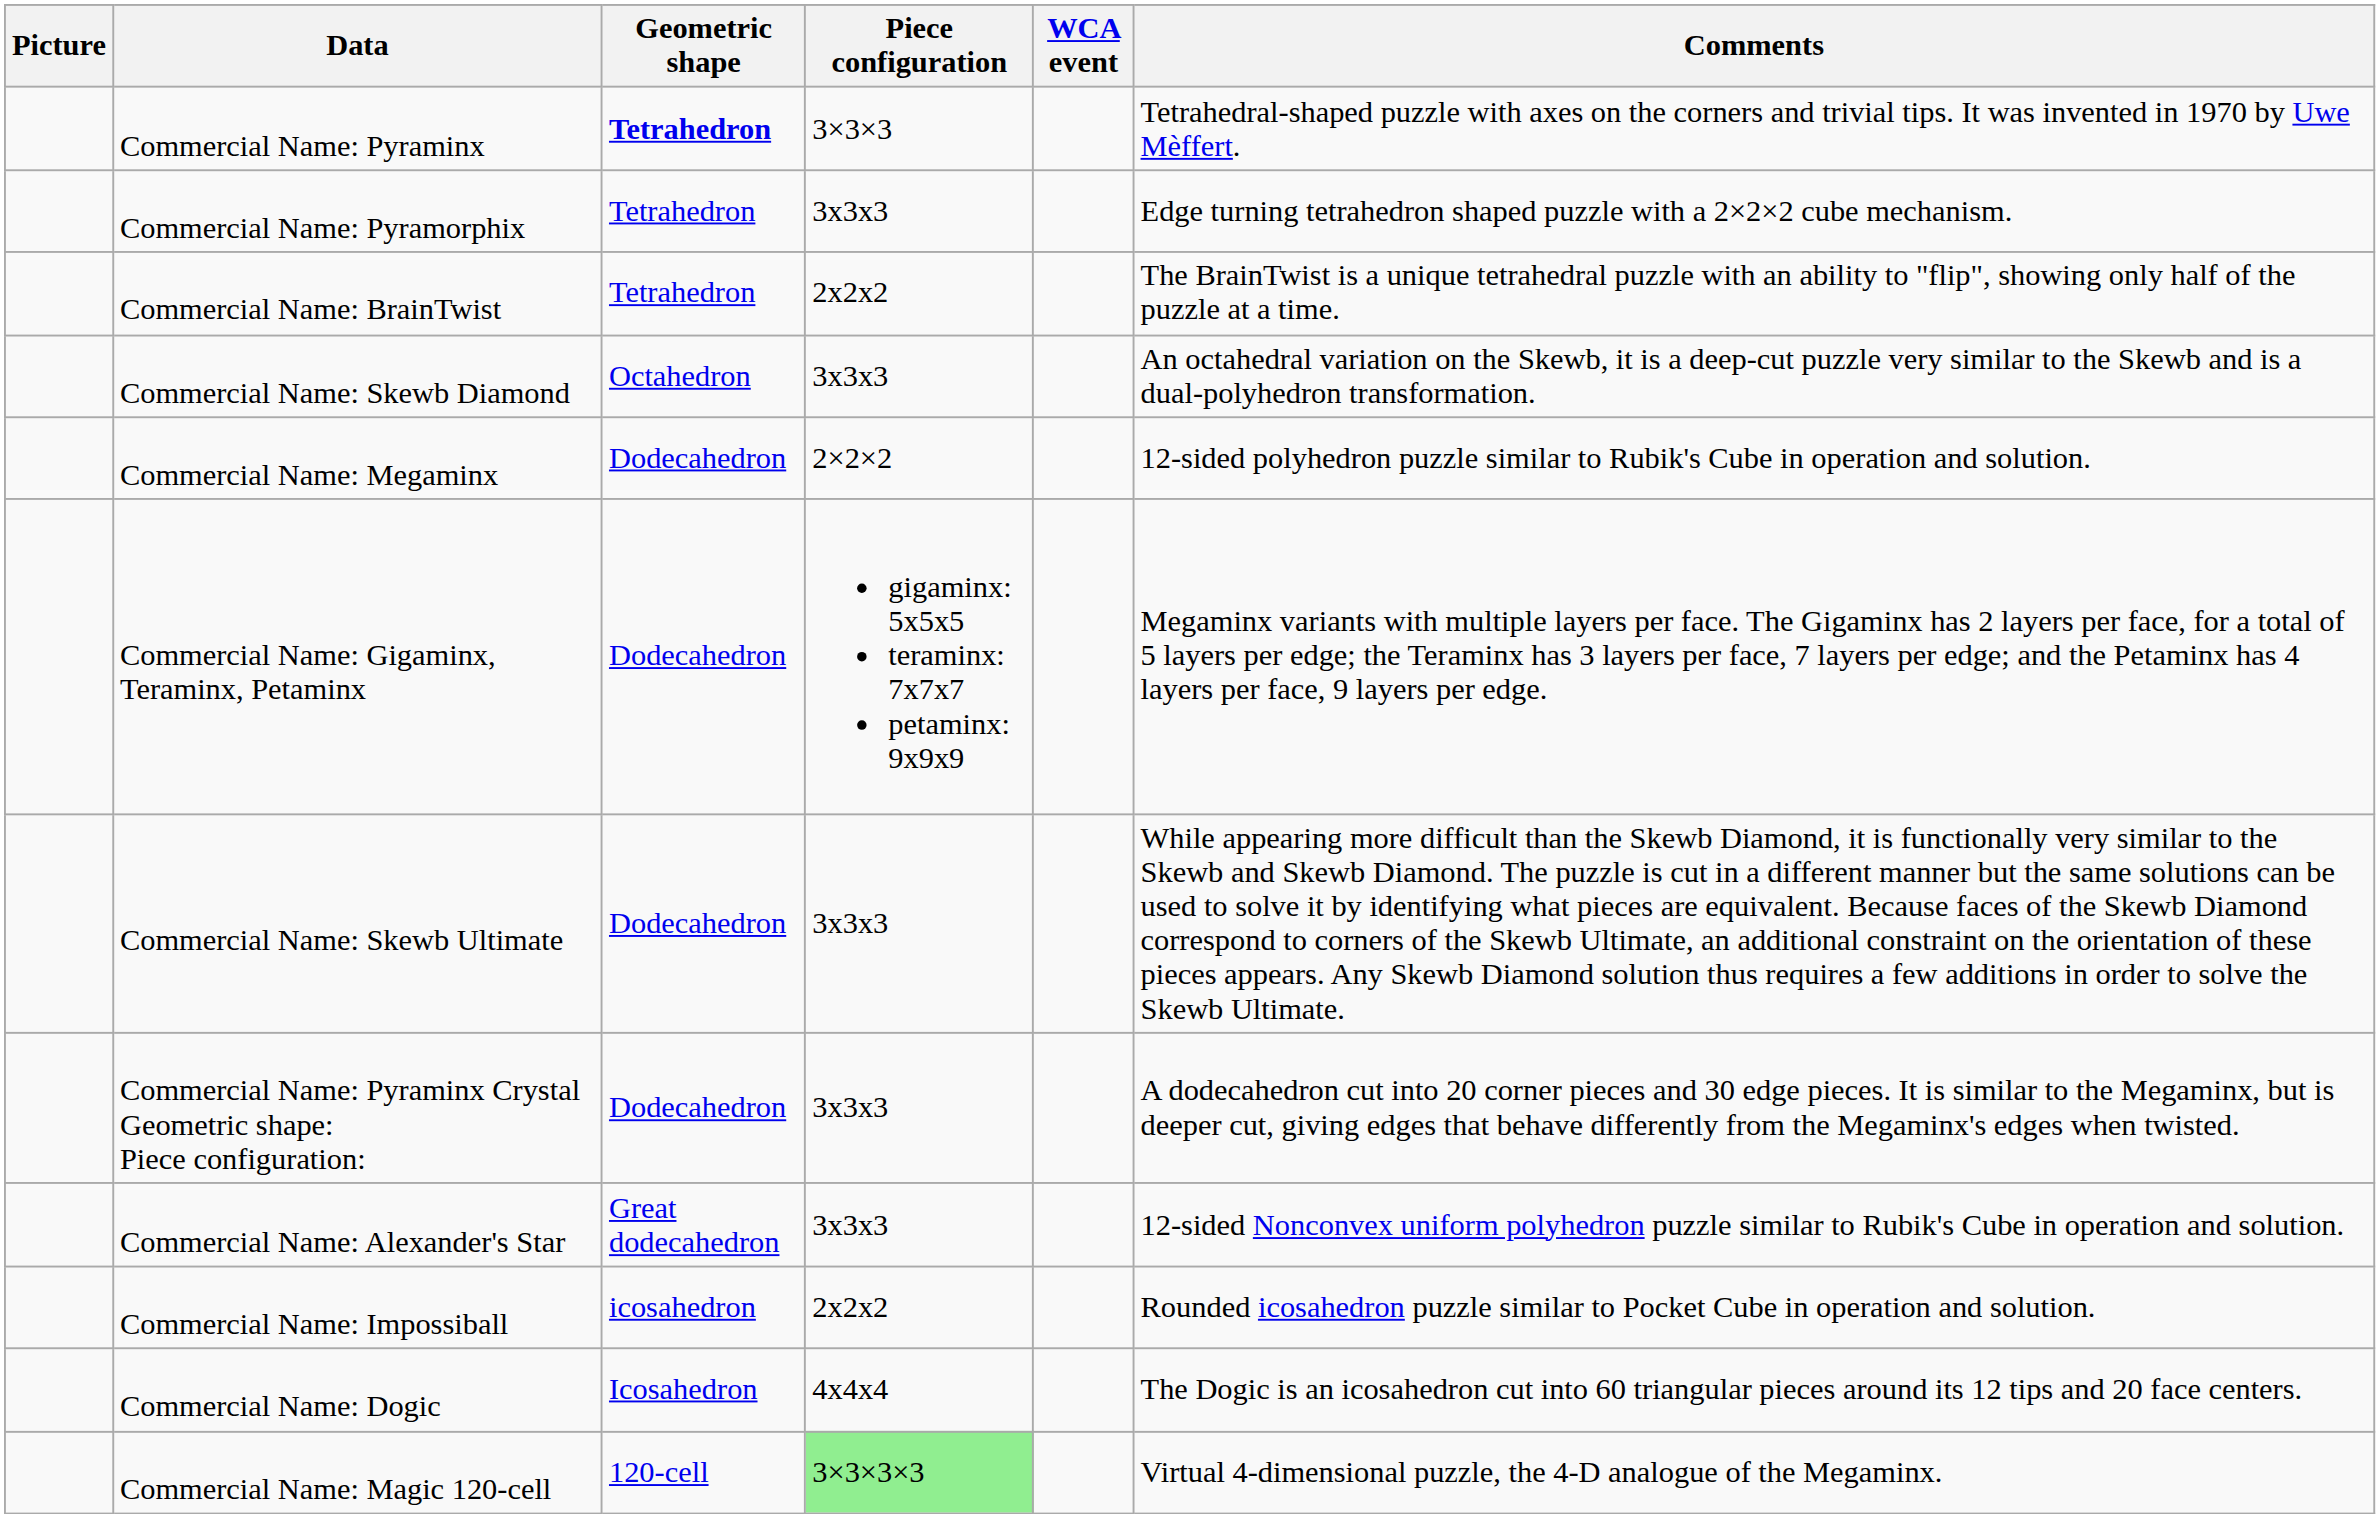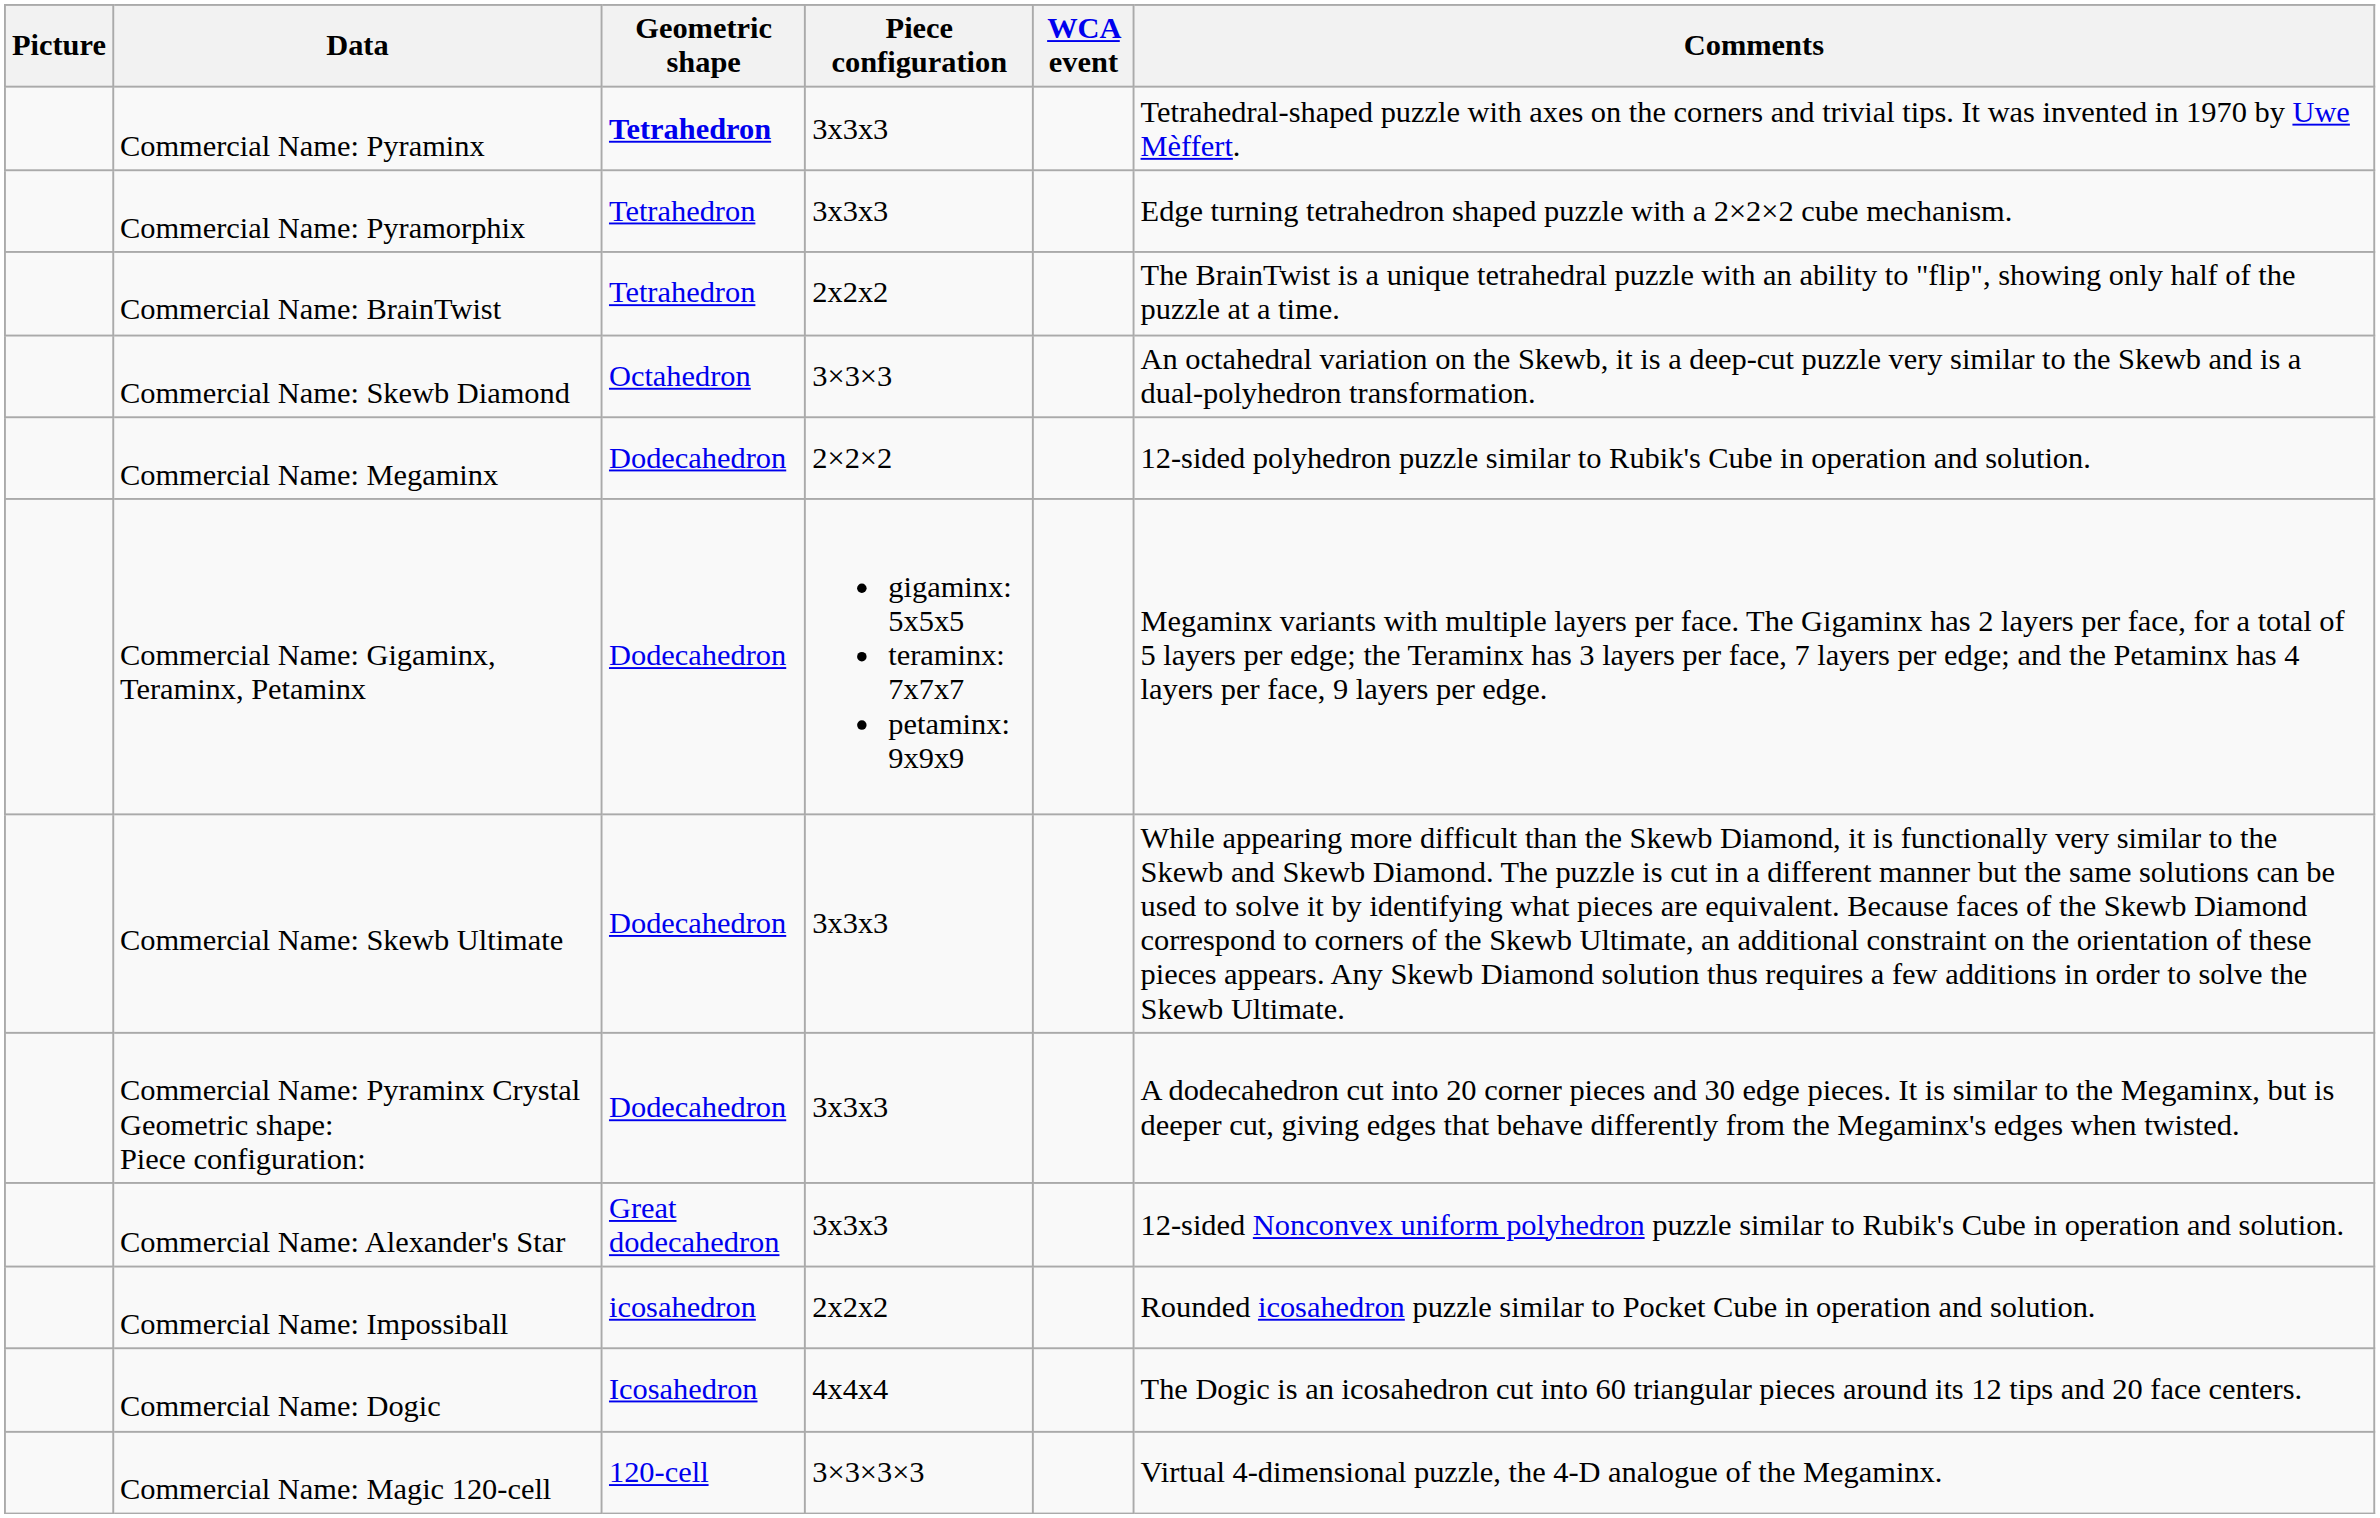 <table class="wikitable">
 <tr>
 <th>Picture</th>
 <th width="250">Data</th>
 <th>Geometric shape</th>
 <th>Piece configuration</th>
 <th><a href='#'>WCA</a> event</th>
 <th>Comments</th>
 </tr>
 <tr>
 <td></td>
 <td><br>Commercial Name: Pyraminx </td>
 <td><strong><a href='#'>Tetrahedron</a></strong></td>
-<td>3×3×3</td>
+<td>3x3x3</td>
 <td></td>
 <td>Tetrahedral-shaped puzzle with axes on the corners and trivial tips. It was invented in 1970 by <a href='#'>Uwe Mèffert</a>.</td>
 </tr>
 <tr>
 <td></td>
 <td><br>Commercial Name: Pyramorphix </td>
 <td><a href='#'>Tetrahedron</a></td>
 <td>3x3x3</td>
 <td></td>
 <td>Edge turning tetrahedron shaped puzzle with a 2×2×2 cube mechanism.</td>
 </tr>
 <tr>
 <td></td>
 <td><br>Commercial Name: BrainTwist </td>
 <td><a href='#'>Tetrahedron</a></td>
 <td>2x2x2</td>
 <td></td>
 <td>The BrainTwist is a unique tetrahedral puzzle with an ability to "flip", showing only half of the puzzle at a time.</td>
 </tr>
 <tr>
 <td></td>
 <td><br>Commercial Name: Skewb Diamond </td>
 <td><a href='#'>Octahedron</a></td>
-<td>3x3x3</td>
+<td>3×3×3</td>
 <td></td>
 <td>An octahedral variation on the Skewb, it is a deep-cut puzzle very similar to the Skewb and is a dual-polyhedron transformation.</td>
 </tr>
 <tr>
 <td></td>
 <td><br>Commercial Name: Megaminx </td>
 <td><a href='#'>Dodecahedron</a></td>
 <td>2×2×2</td>
 <td></td>
 <td>12-sided polyhedron puzzle similar to Rubik's Cube in operation and solution.</td>
 </tr>
 <tr>
 <td></td>
 <td><br>Commercial Name: Gigaminx, Teraminx, Petaminx</td>
 <td><a href='#'>Dodecahedron</a></td>
 <td><br><ul><li>gigaminx: 5x5x5</li><li>teraminx: 7x7x7</li><li>petaminx: 9x9x9</li></ul></td>
 <td></td>
 <td>Megaminx variants with multiple layers per face. The Gigaminx has 2 layers per face, for a total of 5 layers per edge; the Teraminx has 3 layers per face, 7 layers per edge; and the Petaminx has 4 layers per face, 9 layers per edge.</td>
 </tr>
 <tr>
 <td></td>
 <td><br>Commercial Name: Skewb Ultimate </td>
 <td><a href='#'>Dodecahedron</a></td>
 <td>3x3x3</td>
 <td></td>
 <td>While appearing more difficult than the Skewb Diamond, it is functionally very similar to the Skewb and Skewb Diamond. The puzzle is cut in a different manner but the same solutions can be used to solve it by identifying what pieces are equivalent. Because faces of the Skewb Diamond correspond to corners of the Skewb Ultimate, an additional constraint on the orientation of these pieces appears. Any Skewb Diamond solution thus requires a few additions in order to solve the Skewb Ultimate.</td>
 </tr>
 <tr>
 <td></td>
 <td><br>Commercial Name: Pyraminx Crystal<br> Geometric shape:<br> Piece configuration: <br> </td>
 <td><a href='#'>Dodecahedron</a></td>
 <td>3x3x3</td>
 <td></td>
 <td>A dodecahedron cut into 20 corner pieces and 30 edge pieces. It is similar to the Megaminx, but is deeper cut, giving edges that behave differently from the Megaminx's edges when twisted.</td>
 </tr>
 <tr>
 <td></td>
 <td><br>Commercial Name: Alexander's Star </td>
 <td><a href='#'>Great dodecahedron</a></td>
 <td>3x3x3</td>
 <td></td>
 <td>12-sided <a href='#'>Nonconvex uniform polyhedron</a> puzzle similar to Rubik's Cube in operation and solution.</td>
 </tr>
 <tr>
 <td></td>
 <td><br>Commercial Name: Impossiball </td>
 <td><a href='#'>icosahedron</a></td>
 <td>2x2x2</td>
 <td></td>
 <td>Rounded <a href='#'>icosahedron</a> puzzle similar to Pocket Cube in operation and solution.</td>
 </tr>
 <tr>
 <td></td>
 <td><br>Commercial Name: Dogic </td>
 <td><a href='#'>Icosahedron</a></td>
 <td>4x4x4</td>
 <td></td>
 <td>The Dogic is an icosahedron cut into 60 triangular pieces around its 12 tips and 20 face centers.</td>
 </tr>
 <tr>
 <td></td>
 <td><br>Commercial Name: Magic 120-cell </td>
 <td><a href='#'>120-cell</a></td>
-<td style="background: lightgreen;">3×3×3×3</td>
+<td>3×3×3×3</td>
 <td></td>
 <td>Virtual 4-dimensional puzzle, the 4-D analogue of the Megaminx.</td>
 </tr>
 </table>
